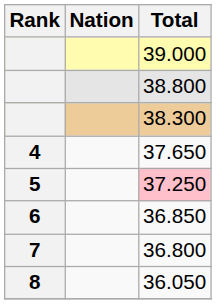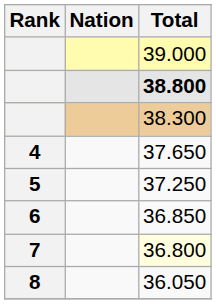 <table class="wikitable sortable">
 <tr>
 <th>Rank</th>
 <th>Nation</th>
 <th>Total</th>
 </tr>
 <tr bgcolor=fffcaf>
 <th></th>
 <td></td>
 <td>39.000</td>
 </tr>
 <tr bgcolor=e5e5e5>
 <th></th>
 <td></td>
-<td>38.800</td>
+<td><strong>38.800</strong></td>
 </tr>
 <tr bgcolor=eecc99>
 <th></th>
 <td></td>
 <td>38.300</td>
 </tr>
 <tr>
 <th>4</th>
 <td></td>
 <td>37.650</td>
 </tr>
 <tr>
 <th>5</th>
 <td></td>
-<td style="background: pink;">37.250</td>
+<td>37.250</td>
 </tr>
 <tr>
 <th>6</th>
 <td></td>
 <td>36.850</td>
 </tr>
 <tr>
 <th>7</th>
 <td></td>
-<td>36.800</td>
+<td style="background: lightyellow;">36.800</td>
 </tr>
 <tr>
 <th>8</th>
 <td></td>
 <td>36.050</td>
 </tr>
 <tr>
 </tr>
 </table>
